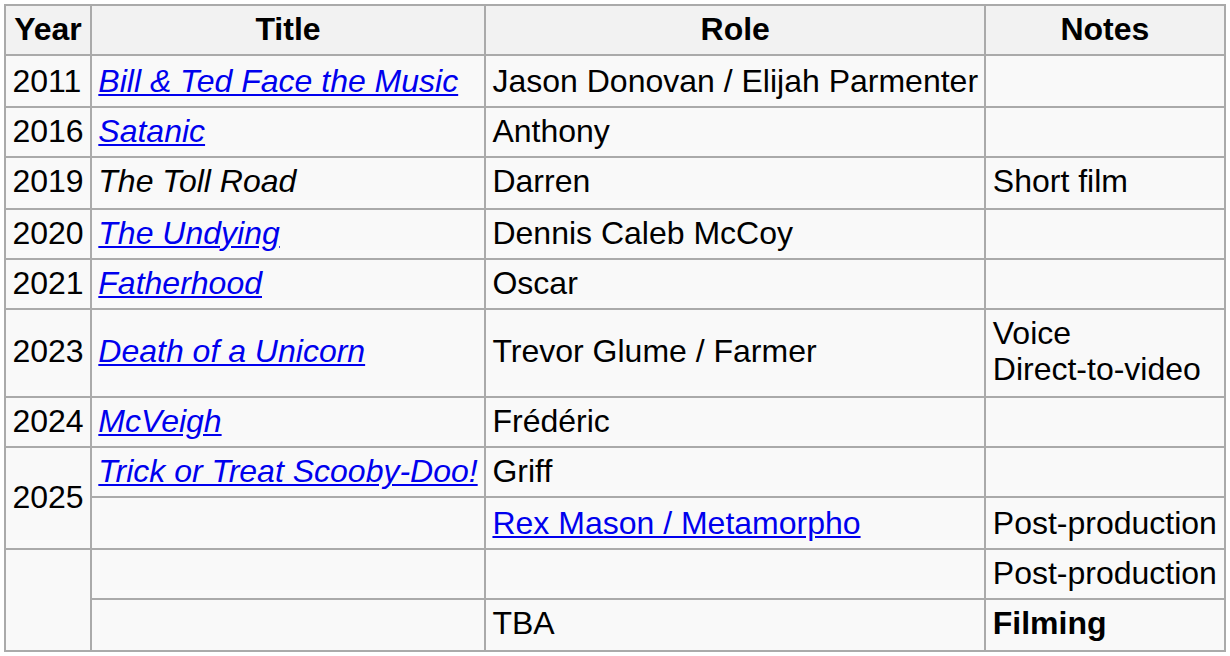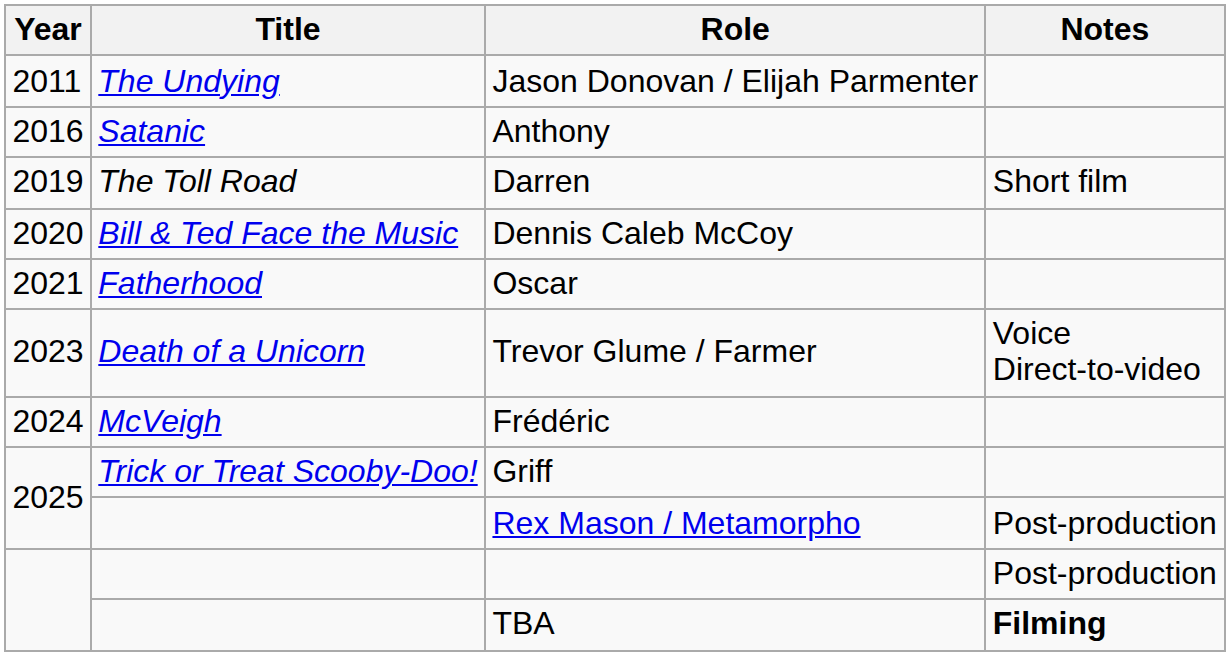 <table class="wikitable sortable">
 <tr>
 <th scope="col">Year</th>
 <th scope="col">Title</th>
 <th scope="col">Role</th>
 <th scope="col" class="unsortable">Notes</th>
 </tr>
 <tr>
 <td>2011</td>
-<td scope="row"><em><a href='#'>Bill & Ted Face the Music</a></em></td>
+<td scope="row"><em><a href='#'>The Undying</a></em></td>
 <td>Jason Donovan / Elijah Parmenter</td>
 <td></td>
 </tr>
 <tr>
 <td>2016</td>
 <td scope="row"><em><a href='#'>Satanic</a></em></td>
 <td>Anthony</td>
 <td></td>
 </tr>
 <tr>
 <td>2019</td>
 <td scope="row"><em>The Toll Road</em></td>
 <td>Darren</td>
 <td>Short film</td>
 </tr>
 <tr>
 <td>2020</td>
-<td scope="row"><em><a href='#'>The Undying</a></em></td>
+<td scope="row"><em><a href='#'>Bill & Ted Face the Music</a></em></td>
 <td>Dennis Caleb McCoy</td>
 <td></td>
 </tr>
 <tr>
 <td>2021</td>
 <td scope="row"><em><a href='#'>Fatherhood</a></em></td>
 <td>Oscar</td>
 <td></td>
 </tr>
 <tr>
 <td>2023</td>
 <td><em><a href='#'>Death of a Unicorn</a></em></td>
 <td>Trevor Glume / Farmer</td>
 <td>Voice<br>Direct-to-video</td>
 </tr>
 <tr>
 <td>2024</td>
 <td><em><a href='#'>McVeigh</a></em></td>
 <td>Frédéric</td>
 <td></td>
 </tr>
 <tr>
 <td rowspan="2">2025</td>
 <td><em><a href='#'>Trick or Treat Scooby-Doo!</a></em></td>
 <td>Griff</td>
 <td></td>
 </tr>
 <tr>
 <td></td>
 <td><a href='#'>Rex Mason / Metamorpho</a></td>
 <td>Post-production</td>
 </tr>
 <tr>
 <td rowspan="2"></td>
 <td></td>
 <td></td>
 <td>Post-production</td>
 </tr>
 <tr>
 <td></td>
 <td>TBA</td>
 <td><strong>Filming<br> </strong></td>
 </tr>
 </table>
